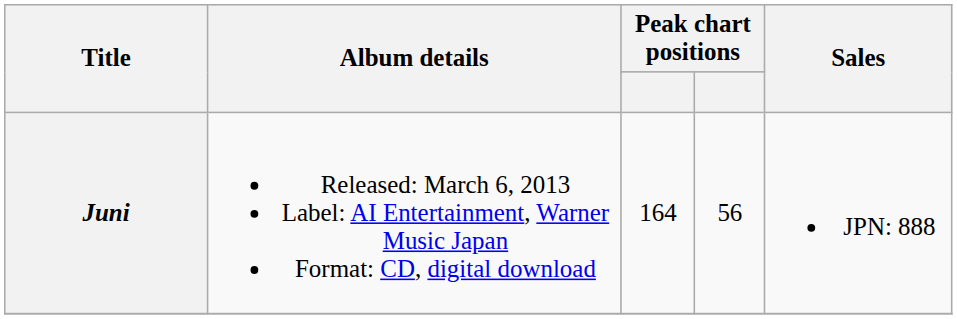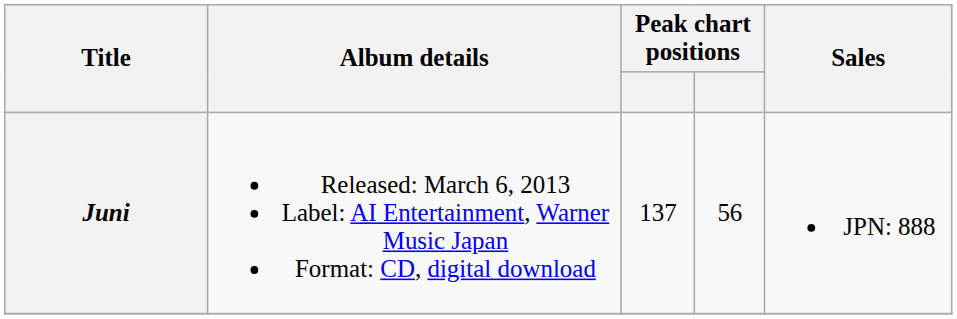 <table class="wikitable plainrowheaders" style="text-align:center;">
 <tr>
 <th scope="col" rowspan="2" style="width:12em;">Title</th>
 <th scope="col" rowspan="2" style="width:22em;">Album details</th>
 <th colspan="2" scope="col">Peak chart positions</th>
 <th scope="col" rowspan="2" style="width:9em;">Sales</th>
 </tr>
 <tr>
 <th style="width:3em"><br></th>
 <th style="width:3em"><br></th>
 </tr>
 <tr>
 <th scope="row"><em>Juni</em></th>
 <td><br><ul><li>Released: March 6, 2013 </li><li>Label: <a href='#'>AI Entertainment</a>, <a href='#'>Warner Music Japan</a></li><li>Format: <a href='#'>CD</a>, <a href='#'>digital download</a></li></ul></td>
-<td>164</td>
+<td>137</td>
 <td>56</td>
 <td><br><ul><li>JPN: 888</li></ul></td>
 </tr>
 <tr>
 </tr>
 </table>
